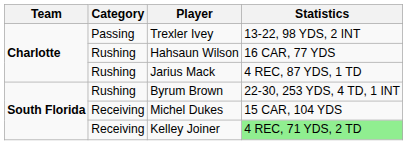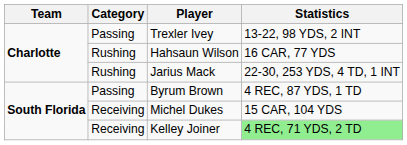 <table class="wikitable" style="float: left;">
 <tr>
 <th>Team</th>
 <th>Category</th>
 <th>Player</th>
 <th>Statistics</th>
 </tr>
 <tr>
 <td rowspan=3><strong>Charlotte</strong></td>
 <td>Passing</td>
 <td>Trexler Ivey</td>
 <td>13-22, 98 YDS, 2 INT</td>
 </tr>
 <tr>
 <td>Rushing</td>
 <td>Hahsaun Wilson</td>
 <td>16 CAR, 77 YDS</td>
 </tr>
 <tr>
 <td>Rushing</td>
 <td>Jarius Mack</td>
-<td>4 REC, 87 YDS, 1 TD</td>
+<td>22-30, 253 YDS, 4 TD, 1 INT</td>
 </tr>
 <tr>
 <td rowspan=3><strong>South Florida</strong></td>
-<td>Rushing</td>
+<td>Passing</td>
 <td>Byrum Brown</td>
-<td>22-30, 253 YDS, 4 TD, 1 INT</td>
+<td>4 REC, 87 YDS, 1 TD</td>
 </tr>
 <tr>
 <td>Receiving</td>
 <td>Michel Dukes</td>
 <td>15 CAR, 104 YDS</td>
 </tr>
 <tr>
 <td>Receiving</td>
 <td>Kelley Joiner</td>
 <td style="background: lightgreen;">4 REC, 71 YDS, 2 TD</td>
 </tr>
 </table>
